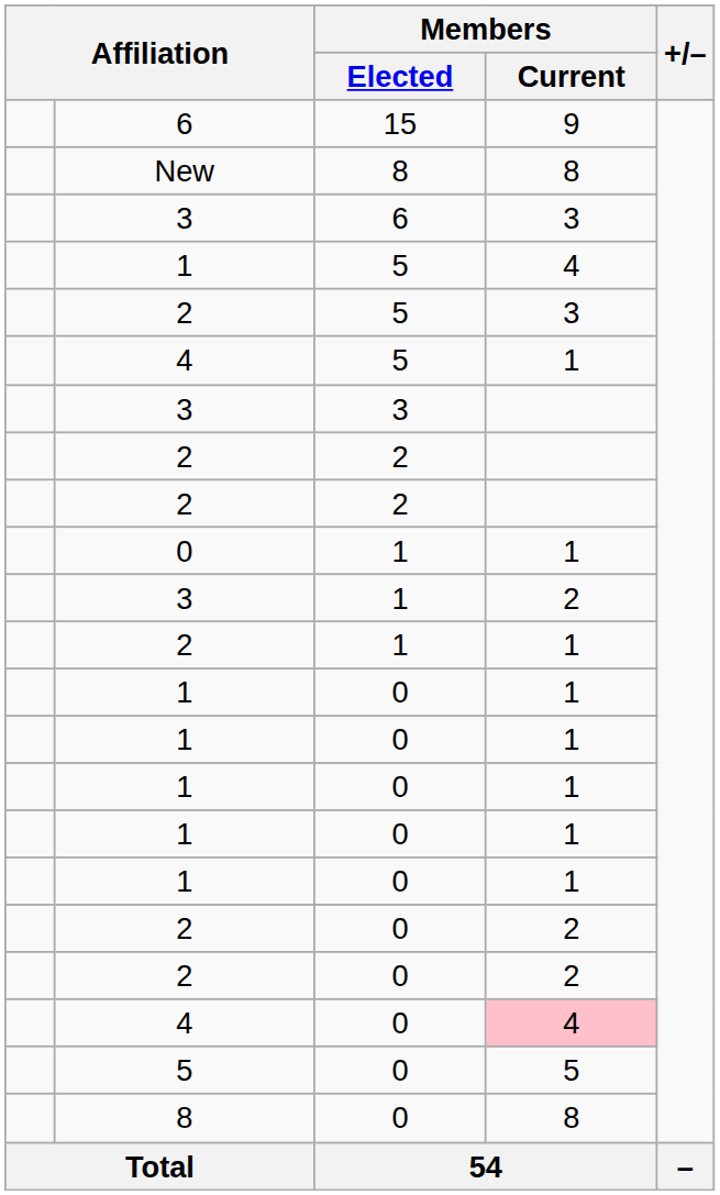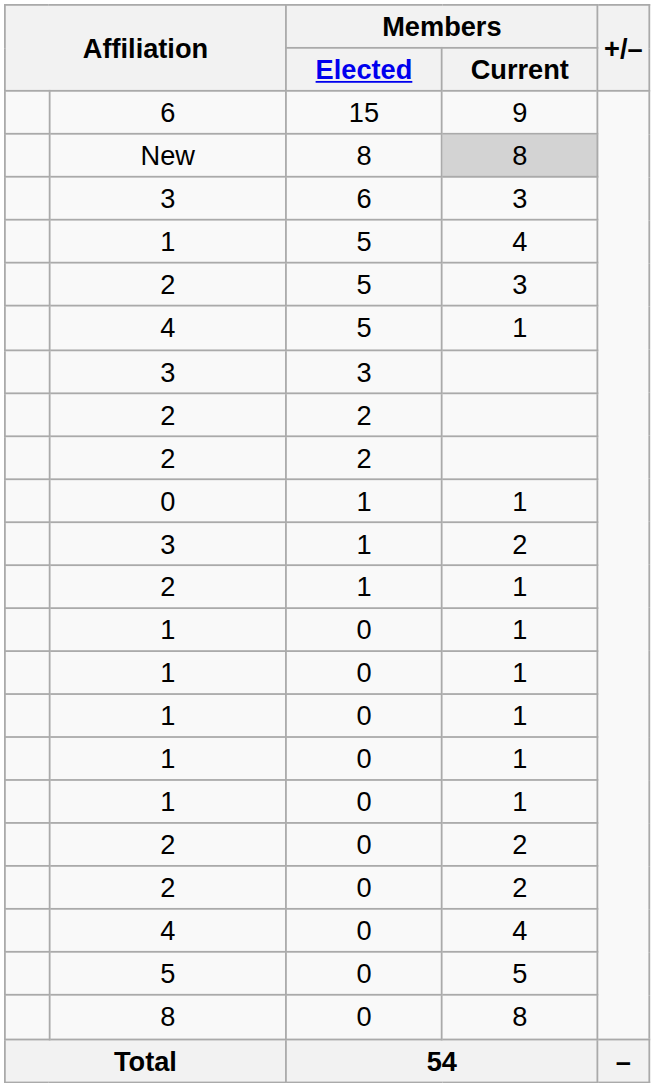 <table class="wikitable" border="1" style="font-size: 95%; text-align: center;">
 <tr>
 <th colspan="2" rowspan="2" class="unsortable" style="text-align: center; vertical-align: middle; width: 150px;">Affiliation</th>
 <th colspan="2" style="vertical-align: top;">Members</th>
 <th rowspan="2">+/–</th>
 </tr>
 <tr>
 <th data-sort-type="number" style="width: 80px;"><a href='#'>Elected</a></th>
 <th style="width: 80px;">Current</th>
 </tr>
 <tr>
 <td></td>
 <td>6</td>
 <td>15</td>
 <td>9</td>
 </tr>
 <tr>
 <td></td>
 <td>New</td>
 <td>8</td>
-<td>8</td>
+<td style="background: lightgrey;">8</td>
 </tr>
 <tr>
 <td></td>
 <td>3</td>
 <td>6</td>
 <td>3</td>
 </tr>
 <tr>
 <td></td>
 <td>1</td>
 <td>5</td>
 <td>4</td>
 </tr>
 <tr>
 <td></td>
 <td>2</td>
 <td>5</td>
 <td>3</td>
 </tr>
 <tr>
 <td></td>
 <td>4</td>
 <td>5</td>
 <td>1</td>
 </tr>
 <tr>
 <td></td>
 <td>3</td>
 <td>3</td>
 <td></td>
 </tr>
 <tr>
 <td></td>
 <td>2</td>
 <td>2</td>
 <td></td>
 </tr>
 <tr>
 <td></td>
 <td>2</td>
 <td>2</td>
 <td></td>
 </tr>
 <tr>
 <td></td>
 <td>0</td>
 <td>1</td>
 <td>1</td>
 </tr>
 <tr>
 <td></td>
 <td>3</td>
 <td>1</td>
 <td>2</td>
 </tr>
 <tr>
 <td></td>
 <td>2</td>
 <td>1</td>
 <td>1</td>
 </tr>
 <tr>
 <td></td>
 <td>1</td>
 <td>0</td>
 <td>1</td>
 </tr>
 <tr>
 <td></td>
 <td>1</td>
 <td>0</td>
 <td>1</td>
 </tr>
 <tr>
 <td></td>
 <td>1</td>
 <td>0</td>
 <td>1</td>
 </tr>
 <tr>
 <td></td>
 <td>1</td>
 <td>0</td>
 <td>1</td>
 </tr>
 <tr>
 <td></td>
 <td>1</td>
 <td>0</td>
 <td>1</td>
 </tr>
 <tr>
 <td></td>
 <td>2</td>
 <td>0</td>
 <td>2</td>
 </tr>
 <tr>
 <td></td>
 <td>2</td>
 <td>0</td>
 <td>2</td>
 </tr>
 <tr>
 <td></td>
 <td>4</td>
 <td>0</td>
-<td style="background: pink;">4</td>
+<td>4</td>
 </tr>
 <tr>
 <td></td>
 <td>5</td>
 <td>0</td>
 <td>5</td>
 </tr>
 <tr>
 <td></td>
 <td>8</td>
 <td>0</td>
 <td>8</td>
 </tr>
 <tr>
 <th colspan="2">Total</th>
 <th colspan="2">54</th>
 <th>–</th>
 </tr>
 </table>
